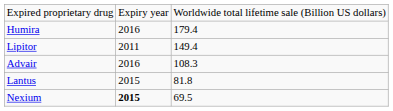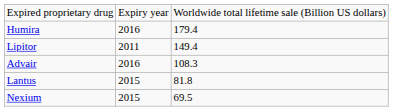 <table class="wikitable">
 <tr>
 <td>Expired proprietary drug</td>
 <td>Expiry year</td>
 <td>Worldwide total lifetime sale (Billion US dollars)</td>
 </tr>
 <tr>
 <td><a href='#'>Humira</a></td>
 <td>2016</td>
 <td>179.4</td>
 </tr>
 <tr>
 <td><a href='#'>Lipitor</a></td>
 <td>2011</td>
 <td>149.4</td>
 </tr>
 <tr>
 <td><a href='#'>Advair</a></td>
 <td>2016</td>
 <td>108.3</td>
 </tr>
 <tr>
 <td><a href='#'>Lantus</a></td>
 <td>2015</td>
 <td>81.8</td>
 </tr>
 <tr>
 <td><a href='#'>Nexium</a></td>
-<td><strong>2015</strong></td>
+<td>2015</td>
 <td>69.5</td>
 </tr>
 </table>
